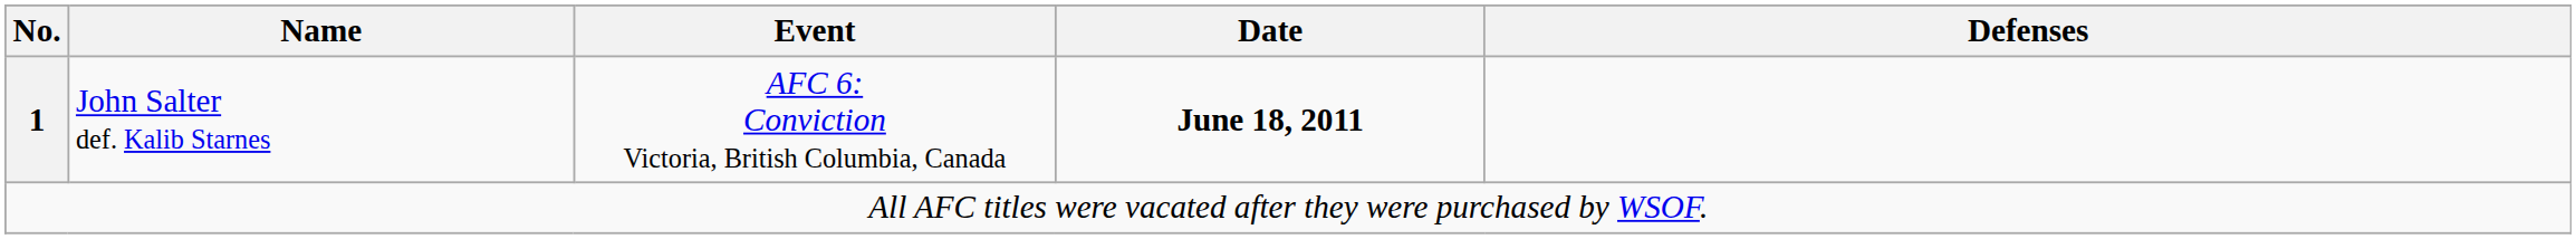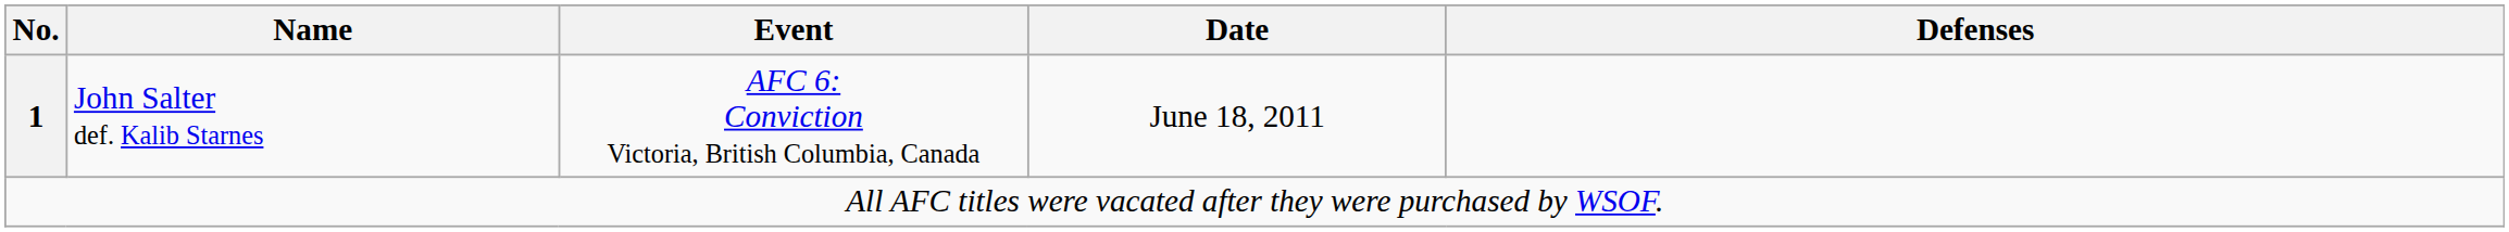 <table class="wikitable" width=100%>
 <tr>
 <th width=1%>No.</th>
 <th width=20%>Name</th>
 <th width=19%>Event</th>
 <th width=17%>Date</th>
 <th width=44%>Defenses</th>
 </tr>
 <tr>
 <th>1</th>
 <td align=left> <a href='#'>John Salter</a><br><small>def. <a href='#'>Kalib Starnes</a></small></td>
 <td align=center><em><a href='#'>AFC 6:</a><br><a href='#'>Conviction</a></em><br><small>Victoria, British Columbia, Canada</small></td>
-<td align=center><strong>June 18, 2011</strong></td>
+<td align=center>June 18, 2011</td>
 <td></td>
 </tr>
 <tr>
 <td align="center" colspan="5"><em>All AFC titles were vacated after they were purchased by <a href='#'>WSOF</a>.</em></td>
 </tr>
 </table>
